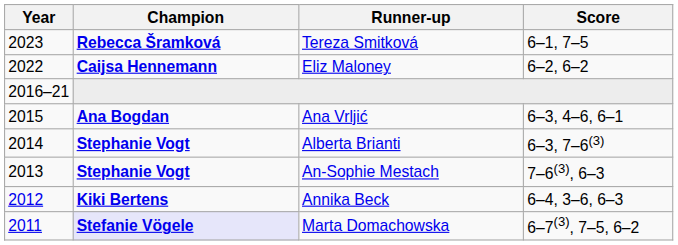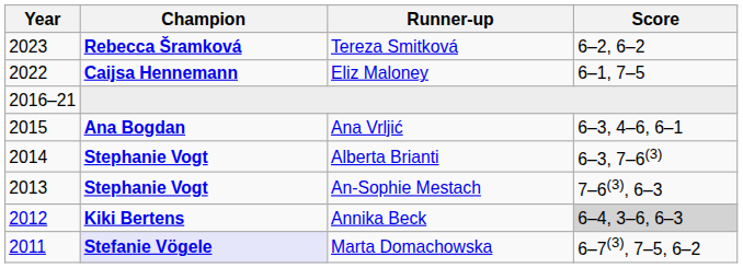 <table class="wikitable" style="font-size:90%">
 <tr>
 <th>Year</th>
 <th width="200">Champion</th>
 <th width="200">Runner-up</th>
 <th width="130">Score</th>
 </tr>
 <tr>
 <td>2023</td>
 <td> <strong><a href='#'>Rebecca Šramková</a></strong></td>
 <td> <a href='#'>Tereza Smitková</a></td>
-<td>6–1, 7–5</td>
+<td>6–2, 6–2</td>
 </tr>
 <tr>
 <td>2022</td>
 <td> <strong><a href='#'>Caijsa Hennemann</a></strong></td>
 <td> <a href='#'>Eliz Maloney</a></td>
-<td>6–2, 6–2</td>
+<td>6–1, 7–5</td>
 </tr>
 <tr>
 <td>2016–21</td>
 <td colspan=3 bgcolor="#ededed"></td>
 </tr>
 <tr>
 <td>2015</td>
 <td> <strong><a href='#'>Ana Bogdan</a></strong></td>
 <td> <a href='#'>Ana Vrljić</a></td>
 <td>6–3, 4–6, 6–1</td>
 </tr>
 <tr>
 <td>2014</td>
 <td> <strong><a href='#'>Stephanie Vogt</a></strong></td>
 <td> <a href='#'>Alberta Brianti</a></td>
 <td>6–3, 7–6<sup>(3)</sup></td>
 </tr>
 <tr>
 <td>2013</td>
 <td> <strong><a href='#'>Stephanie Vogt</a></strong></td>
 <td> <a href='#'>An-Sophie Mestach</a></td>
 <td>7–6<sup>(3)</sup>, 6–3</td>
 </tr>
 <tr>
 <td><a href='#'>2012</a></td>
 <td> <strong><a href='#'>Kiki Bertens</a></strong></td>
 <td> <a href='#'>Annika Beck</a></td>
-<td>6–4, 3–6, 6–3</td>
+<td style="background: lightgrey;">6–4, 3–6, 6–3</td>
 </tr>
 <tr>
 <td><a href='#'>2011</a></td>
 <td style="background: lavender;"> <strong><a href='#'>Stefanie Vögele</a></strong></td>
 <td> <a href='#'>Marta Domachowska</a></td>
 <td>6–7<sup>(3)</sup>, 7–5, 6–2</td>
 </tr>
 </table>
